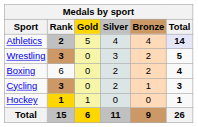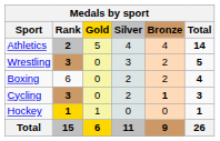 <table class="wikitable sortable collapsible"style="font-size:90%; text-align:center;">
 <tr style="background:#efefef;">
 <th colspan=6>Medals by sport</th>
 </tr>
 <tr>
 <th><strong>Sport</strong></th>
 <th><strong>Rank</strong></th>
 <th style="background-color:gold;"><strong>Gold </strong></th>
 <th style="background-color:silver;"><strong>Silver </strong></th>
 <th style="background-color:#c96;"><strong>Bronze </strong></th>
 <th><strong>Total</strong></th>
 </tr>
 <tr>
 <td align=left> <a href='#'>Athletics</a></td>
 <th style="background-color:silver;"><strong>2</strong></th>
 <td style="background:#F7F6A8;">5</td>
 <td style="background:#DCE5E5;">4</td>
 <td style="background:#FFDAB9;">4</td>
-<td style="background: lavender;"><strong>14</strong></td>
+<td><strong>14</strong></td>
 </tr>
 <tr>
 <td align=left> <a href='#'>Wrestling</a></td>
 <td style="background-color:#c96;"><strong>3</strong></td>
 <td style="background:#F7F6A8;">0</td>
 <td style="background:#DCE5E5;">3</td>
 <td style="background:#FFDAB9;">2</td>
 <td><strong>5</strong></td>
 </tr>
 <tr>
 <td align=left> <a href='#'>Boxing</a></td>
 <td>6</td>
 <td style="background:#F7F6A8;">0</td>
 <td style="background:#DCE5E5;">2</td>
 <td style="background:#FFDAB9;">2</td>
 <td><strong>4</strong></td>
 </tr>
 <tr>
 <td align=left> <a href='#'>Cycling</a></td>
 <td style="background-color:#c96;"><strong>3</strong></td>
 <td style="background:#F7F6A8;">0</td>
 <td style="background:#DCE5E5;">2</td>
-<td style="background:#FFDAB9;">1</td>
+<td style="background:#FFDAB9;"><strong>1</strong></td>
 <td><strong>3</strong></td>
 </tr>
 <tr>
 <td align=left> <a href='#'>Hockey</a></td>
 <td style="background-color:gold;"><strong>1</strong></td>
 <td style="background:#F7F6A8;">1</td>
 <td style="background:#DCE5E5;">0</td>
 <td style="background:#FFDAB9;">0</td>
 <td><strong>1</strong></td>
 </tr>
 <tr>
 <th>Total</th>
 <th style="background:silver;">15</th>
 <th style="background:gold;">6</th>
 <th style="background:silver;">11</th>
 <th style="background:#c96;">9</th>
 <th>26</th>
 </tr>
 </table>
